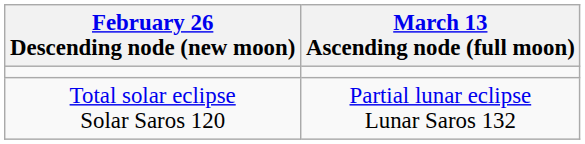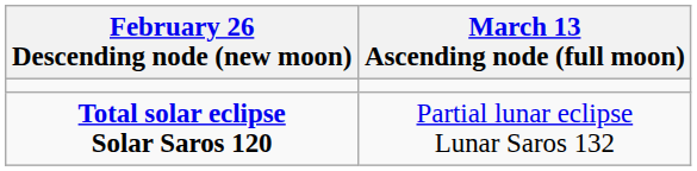 <table class="wikitable">
 <tr>
 <th><a href='#'>February 26</a><br>Descending node (new moon)<br></th>
 <th><a href='#'>March 13</a><br>Ascending node (full moon)<br></th>
 </tr>
 <tr>
 <td></td>
 <td></td>
 </tr>
 <tr align=center>
-<td><a href='#'>Total solar eclipse</a><br>Solar Saros 120</td>
+<td><strong><a href='#'>Total solar eclipse</a><br>Solar Saros 120</strong></td>
 <td><a href='#'>Partial lunar eclipse</a><br>Lunar Saros 132</td>
 </tr>
 </table>
